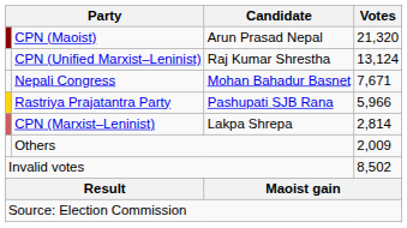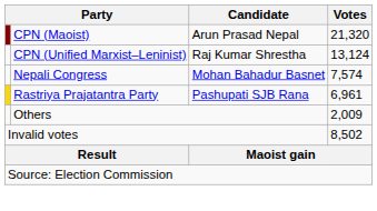 <table class="wikitable">
 <tr>
 <th colspan="2">Party</th>
 <th>Candidate</th>
 <th>Votes</th>
 </tr>
 <tr>
 <td style="background-color:darkred"></td>
 <td><a href='#'>CPN (Maoist)</a></td>
 <td>Arun Prasad Nepal</td>
 <td>21,320</td>
 </tr>
 <tr>
 <td style="background-color:"></td>
 <td><a href='#'>CPN (Unified Marxist–Leninist)</a></td>
 <td>Raj Kumar Shrestha</td>
 <td>13,124</td>
 </tr>
 <tr>
 <td style="background-color:"></td>
 <td><a href='#'>Nepali Congress</a></td>
 <td><a href='#'>Mohan Bahadur Basnet</a></td>
-<td>7,671</td>
+<td>7,574</td>
 </tr>
 <tr>
 <td style="background-color:gold"></td>
 <td><a href='#'>Rastriya Prajatantra Party</a></td>
 <td><a href='#'>Pashupati SJB Rana</a></td>
-<td>5,966</td>
-</tr>
-<tr>
-<td style="background-color:indianred"></td>
-<td><a href='#'>CPN (Marxist–Leninist)</a></td>
-<td>Lakpa Shrepa</td>
-<td>2,814</td>
+<td>6,961</td>
 </tr>
 <tr>
 <td></td>
 <td colspan="2">Others</td>
 <td>2,009</td>
 </tr>
 <tr>
 <td colspan="3">Invalid votes</td>
 <td>8,502</td>
 </tr>
 <tr>
 <th colspan="2">Result</th>
 <th colspan="2">Maoist gain</th>
 </tr>
 <tr>
 <td colspan="4">Source: Election Commission</td>
 </tr>
 </table>
